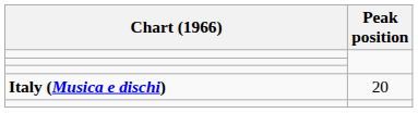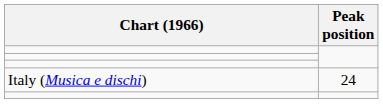 <table class="wikitable sortable">
 <tr>
 <th style="width:20em;">Chart (1966)</th>
 <th>Peak<br>position</th>
 </tr>
 <tr>
 <td></td>
 </tr>
 <tr>
 <td></td>
 </tr>
 <tr>
 <td></td>
 </tr>
 <tr>
-<td align="left"><strong>Italy (<em><a href='#'>Musica e dischi</a></em>)</strong></td>
-<td align="center">20</td>
+<td align="left">Italy (<em><a href='#'>Musica e dischi</a></em>)</td>
+<td align="center">24</td>
 </tr>
 <tr>
 <td></td>
 </tr>
 </table>
